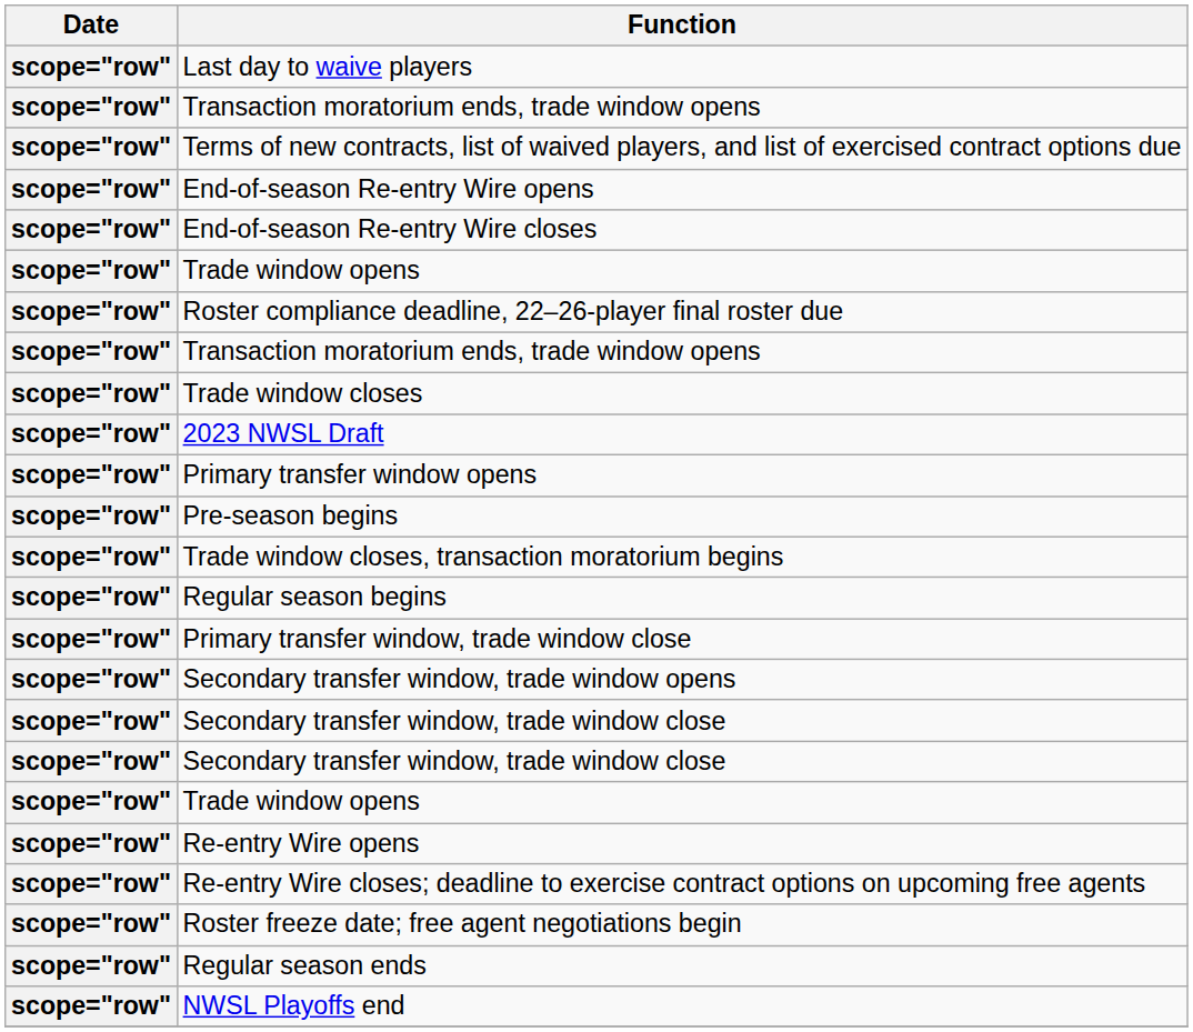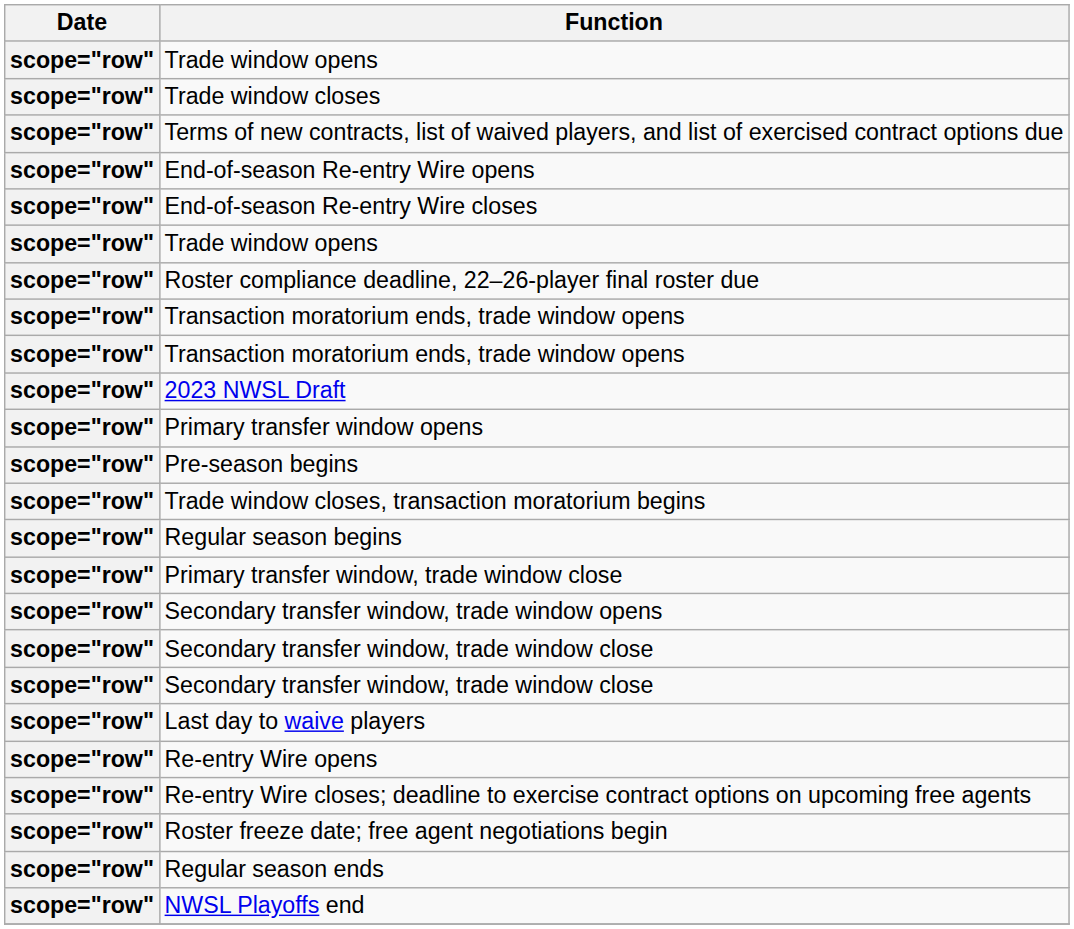 <table class="wikitable">
 <tr>
 <th scope="col">Date</th>
 <th scope="col">Function</th>
 </tr>
 <tr>
 <th>scope="row" </th>
-<td>Last day to <a href='#'>waive</a> players</td>
+<td>Trade window opens</td>
 </tr>
 <tr>
 <th>scope="row" </th>
-<td>Transaction moratorium ends, trade window opens</td>
+<td>Trade window closes</td>
 </tr>
 <tr>
 <th>scope="row" </th>
 <td>Terms of new contracts, list of waived players, and list of exercised contract options due</td>
 </tr>
 <tr>
 <th>scope="row" </th>
 <td>End-of-season Re-entry Wire opens</td>
 </tr>
 <tr>
 <th>scope="row" </th>
 <td>End-of-season Re-entry Wire closes</td>
 </tr>
 <tr>
 <th>scope="row" </th>
 <td>Trade window opens</td>
 </tr>
 <tr>
 <th>scope="row" </th>
 <td>Roster compliance deadline, 22–26-player final roster due</td>
 </tr>
 <tr>
 <th>scope="row" </th>
 <td>Transaction moratorium ends, trade window opens</td>
 </tr>
 <tr>
 <th>scope="row" </th>
-<td>Trade window closes</td>
+<td>Transaction moratorium ends, trade window opens</td>
 </tr>
 <tr>
 <th>scope="row" </th>
 <td><a href='#'>2023 NWSL Draft</a></td>
 </tr>
 <tr>
 <th>scope="row" </th>
 <td>Primary transfer window opens</td>
 </tr>
 <tr>
 <th>scope="row" </th>
 <td>Pre-season begins</td>
 </tr>
 <tr>
 <th>scope="row" </th>
 <td>Trade window closes, transaction moratorium begins</td>
 </tr>
 <tr>
 <th>scope="row" </th>
 <td>Regular season begins</td>
 </tr>
 <tr>
 <th>scope="row" </th>
 <td>Primary transfer window, trade window close</td>
 </tr>
 <tr>
 <th>scope="row" </th>
 <td>Secondary transfer window, trade window opens</td>
 </tr>
 <tr>
 <th>scope="row" </th>
 <td>Secondary transfer window, trade window close</td>
 </tr>
 <tr>
 <th>scope="row" </th>
 <td>Secondary transfer window, trade window close</td>
 </tr>
 <tr>
 <th>scope="row" </th>
-<td>Trade window opens</td>
+<td>Last day to <a href='#'>waive</a> players</td>
 </tr>
 <tr>
 <th>scope="row" </th>
 <td>Re-entry Wire opens</td>
 </tr>
 <tr>
 <th>scope="row" </th>
 <td>Re-entry Wire closes; deadline to exercise contract options on upcoming free agents</td>
 </tr>
 <tr>
 <th>scope="row" </th>
 <td>Roster freeze date; free agent negotiations begin</td>
 </tr>
 <tr>
 <th>scope="row" </th>
 <td>Regular season ends</td>
 </tr>
 <tr>
 <th>scope="row" </th>
 <td><a href='#'>NWSL Playoffs</a> end</td>
 </tr>
 <tr>
 </tr>
 </table>
